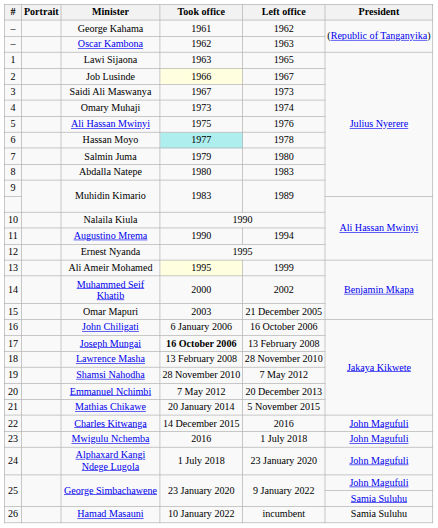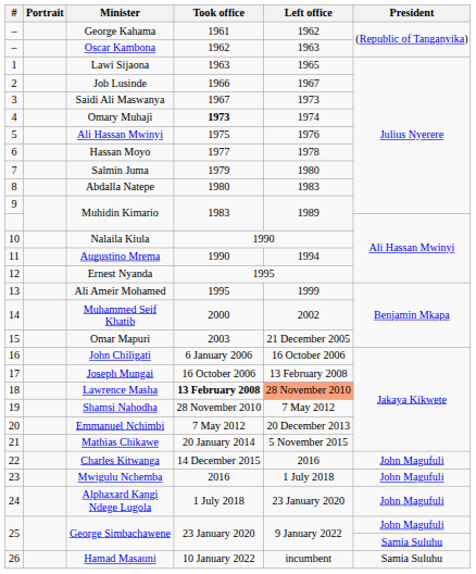 <table class="wikitable" style="text-align:center">
 <tr>
 <th width="20px">#</th>
 <th>Portrait</th>
 <th width="150px">Minister</th>
 <th>Took office</th>
 <th>Left office</th>
 <th>President</th>
 </tr>
 <tr>
 <td style="background:">–</td>
 <td></td>
 <td>George Kahama</td>
 <td>1961</td>
 <td>1962</td>
 <td rowspan="2">(<a href='#'>Republic of Tanganyika</a>)</td>
 </tr>
 <tr>
 <td style="background:">–</td>
 <td></td>
 <td><a href='#'>Oscar Kambona</a></td>
 <td>1962</td>
 <td>1963</td>
 </tr>
 <tr>
 <td style="background:">1</td>
 <td></td>
 <td>Lawi Sijaona</td>
 <td>1963</td>
 <td>1965</td>
 <td rowspan="9"><a href='#'>Julius Nyerere</a></td>
 </tr>
 <tr>
 <td style="background:">2</td>
 <td></td>
 <td>Job Lusinde</td>
-<td style="background: lightyellow;">1966</td>
+<td>1966</td>
 <td>1967</td>
 </tr>
 <tr>
 <td style="background:">3</td>
 <td></td>
 <td>Saidi Ali Maswanya</td>
 <td>1967</td>
 <td>1973</td>
 </tr>
 <tr>
 <td style="background:">4</td>
 <td></td>
 <td>Omary Muhaji</td>
-<td>1973</td>
+<td><strong>1973</strong></td>
 <td>1974</td>
 </tr>
 <tr>
 <td style="background:">5</td>
 <td></td>
 <td><a href='#'>Ali Hassan Mwinyi</a></td>
 <td>1975</td>
 <td>1976</td>
 </tr>
 <tr>
 <td style="background:">6</td>
 <td></td>
 <td>Hassan Moyo</td>
-<td style="background: paleturquoise;">1977</td>
+<td>1977</td>
 <td>1978</td>
 </tr>
 <tr>
 <td style="background:">7</td>
 <td></td>
 <td>Salmin Juma</td>
 <td>1979</td>
 <td>1980</td>
 </tr>
 <tr>
 <td style="background:">8</td>
 <td></td>
 <td>Abdalla Natepe</td>
 <td>1980</td>
 <td>1983</td>
 </tr>
 <tr>
 <td style="background:">9</td>
 <td rowspan="2"></td>
 <td rowspan="2">Muhidin Kimario</td>
 <td rowspan="2">1983</td>
 <td rowspan="2">1989</td>
 </tr>
 <tr>
 <td style="background:"><br></td>
 <td rowspan="4"><a href='#'>Ali Hassan Mwinyi</a></td>
 </tr>
 <tr>
 <td style="background:">10</td>
 <td></td>
 <td>Nalaila Kiula</td>
 <td colspan="2">1990</td>
 </tr>
 <tr>
 <td style="background:">11</td>
 <td></td>
 <td><a href='#'>Augustino Mrema</a></td>
 <td>1990</td>
 <td>1994</td>
 </tr>
 <tr>
 <td style="background:">12</td>
 <td></td>
 <td>Ernest Nyanda</td>
 <td colspan="2">1995</td>
 </tr>
 <tr>
 <td style="background:">13</td>
 <td></td>
 <td>Ali Ameir Mohamed</td>
-<td style="background: lightyellow;">1995</td>
+<td>1995</td>
 <td>1999</td>
 <td rowspan="3"><a href='#'>Benjamin Mkapa</a></td>
 </tr>
 <tr>
 <td style="background:">14</td>
 <td></td>
 <td><a href='#'>Muhammed Seif Khatib</a></td>
 <td>2000</td>
 <td>2002</td>
 </tr>
 <tr>
 <td style="background:">15</td>
 <td></td>
 <td>Omar Mapuri</td>
 <td>2003</td>
 <td>21 December 2005</td>
 </tr>
 <tr>
 <td style="background:">16</td>
 <td></td>
 <td><a href='#'>John Chiligati</a></td>
 <td>6 January 2006</td>
 <td>16 October 2006</td>
 <td rowspan="6"><a href='#'>Jakaya Kikwete</a></td>
 </tr>
 <tr>
 <td style="background:">17</td>
 <td></td>
 <td><a href='#'>Joseph Mungai</a></td>
-<td><strong>16 October 2006</strong></td>
+<td>16 October 2006</td>
 <td>13 February 2008</td>
 </tr>
 <tr>
 <td style="background:">18</td>
 <td></td>
 <td><a href='#'>Lawrence Masha</a></td>
-<td>13 February 2008</td>
-<td>28 November 2010</td>
+<td><strong>13 February 2008</strong></td>
+<td style="background: lightsalmon;">28 November 2010</td>
 </tr>
 <tr>
 <td style="background:">19</td>
 <td></td>
 <td><a href='#'>Shamsi Nahodha</a></td>
 <td>28 November 2010</td>
 <td>7 May 2012</td>
 </tr>
 <tr>
 <td style="background:">20</td>
 <td></td>
 <td><a href='#'>Emmanuel Nchimbi</a></td>
 <td>7 May 2012</td>
 <td>20 December 2013</td>
 </tr>
 <tr>
 <td style="background:">21</td>
 <td></td>
 <td><a href='#'>Mathias Chikawe</a></td>
 <td>20 January 2014</td>
 <td>5 November 2015</td>
 </tr>
 <tr>
 <td style="background:">22</td>
 <td></td>
 <td><a href='#'>Charles Kitwanga</a></td>
 <td>14 December 2015</td>
 <td>2016</td>
 <td><a href='#'>John Magufuli</a></td>
 </tr>
 <tr>
 <td style="background:">23</td>
 <td></td>
 <td><a href='#'>Mwigulu Nchemba</a></td>
 <td>2016</td>
 <td>1 July 2018</td>
 <td><a href='#'>John Magufuli</a></td>
 </tr>
 <tr>
 <td style="background:">24</td>
 <td></td>
 <td><a href='#'>Alphaxard Kangi Ndege Lugola</a></td>
 <td>1 July 2018</td>
 <td>23 January 2020</td>
 <td><a href='#'>John Magufuli</a></td>
 </tr>
 <tr>
 <td rowspan="2" style="background:">25</td>
 <td rowspan="2"></td>
 <td rowspan="2"><a href='#'>George Simbachawene</a></td>
 <td rowspan="2">23 January 2020</td>
 <td rowspan="2">9 January 2022</td>
 <td><a href='#'>John Magufuli</a></td>
 </tr>
 <tr>
 <td><a href='#'>Samia Suluhu</a></td>
 </tr>
 <tr>
 <td style="background:">26</td>
 <td></td>
 <td><a href='#'>Hamad Masauni</a></td>
 <td>10 January 2022</td>
 <td>incumbent</td>
 <td>Samia Suluhu</td>
 </tr>
 </table>
